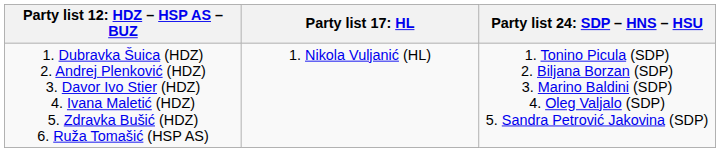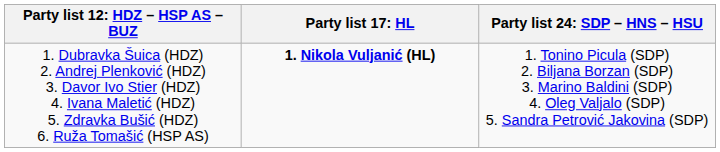 <table class=wikitable style=text-align:center>
 <tr>
 <th>Party list 12: <a href='#'>HDZ</a> – <a href='#'>HSP AS</a> – <a href='#'>BUZ</a></th>
 <th>Party list 17: <a href='#'>HL</a></th>
 <th>Party list 24: <a href='#'>SDP</a> – <a href='#'>HNS</a> – <a href='#'>HSU</a></th>
 </tr>
 <tr>
 <td style="width:16em;" valign="top">1. <a href='#'>Dubravka Šuica</a> (HDZ)<br>2. <a href='#'>Andrej Plenković</a> (HDZ)<br>3. <a href='#'>Davor Ivo Stier</a> (HDZ)<br>4. <a href='#'>Ivana Maletić</a> (HDZ)<br>5. <a href='#'>Zdravka Bušić</a> (HDZ)<br>6. <a href='#'>Ruža Tomašić</a> (HSP AS)</td>
-<td style="width:16em;" valign="top">1. <a href='#'>Nikola Vuljanić</a> (HL)</td>
+<td style="width:16em;" valign="top"><strong>1. <a href='#'>Nikola Vuljanić</a> (HL)</strong></td>
 <td style="width:16em;" valign="top">1. <a href='#'>Tonino Picula</a> (SDP)<br>2. <a href='#'>Biljana Borzan</a> (SDP)<br>3. <a href='#'>Marino Baldini</a> (SDP)<br>4. <a href='#'>Oleg Valjalo</a> (SDP) <br>5. <a href='#'>Sandra Petrović Jakovina</a> (SDP)</td>
 </tr>
 </table>
